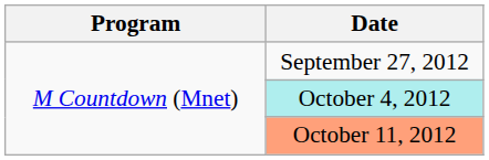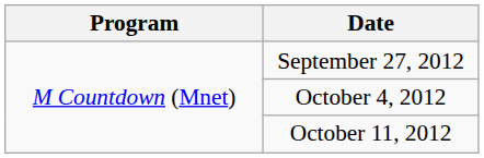 <table class="wikitable" style="text-align:center">
 <tr>
 <th width="170">Program</th>
 <th width="140">Date</th>
 </tr>
 <tr>
 <td rowspan="3"><em><a href='#'>M Countdown</a></em> (<a href='#'>Mnet</a>)</td>
 <td>September 27, 2012</td>
 </tr>
 <tr>
-<td style="background: paleturquoise;">October 4, 2012</td>
+<td>October 4, 2012</td>
 </tr>
 <tr>
-<td style="background: lightsalmon;">October 11, 2012</td>
+<td>October 11, 2012</td>
 </tr>
 </table>
